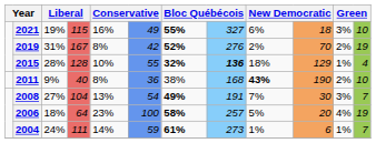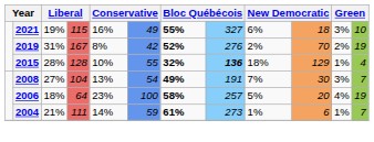 <table class="wikitable" style="width:400; font-size:90%; margin-left:1em;">
 <tr>
 <th colspan="2" scope="col">Year</th>
 <th colspan="2" scope="col"><a href='#'>Liberal</a></th>
 <th colspan="2" scope="col"><a href='#'>Conservative</a></th>
 <th colspan="2" scope="col"><a href='#'>Bloc Québécois</a></th>
 <th colspan="2" scope="col"><a href='#'>New Democratic</a></th>
 <th colspan="2" scope="col"><a href='#'>Green</a></th>
 </tr>
 <tr>
 <td rowspan="3" style="width: 0.25em; background-color: "></td>
 <th><a href='#'>2021</a></th>
 <td>19%</td>
 <td style="text-align:right; background:#EA6D6A;"><em>115</em></td>
 <td>16%</td>
 <td style="text-align:right; background:#6495ED;"><em>49</em></td>
 <td><strong>55%</strong></td>
 <td style="text-align:right; background:#87CEFA;"><em>327</em></td>
 <td>6%</td>
 <td style="text-align:right; background:#F4A460;"><em>18</em></td>
 <td>3%</td>
 <td style="text-align:right; background:#99C955;"><em>10</em></td>
 </tr>
 <tr>
 <th><a href='#'>2019</a></th>
 <td>31%</td>
 <td style="text-align:right; background:#EA6D6A;"><em>167</em></td>
 <td>8%</td>
 <td style="text-align:right; background:#6495ED;"><em>42</em></td>
 <td><strong>52%</strong></td>
 <td style="text-align:right; background:#87CEFA;"><em>276</em></td>
 <td>2%</td>
 <td style="text-align:right; background:#F4A460;"><em>70</em></td>
 <td>2%</td>
 <td style="text-align:right; background:#99C955;"><em>19</em></td>
 </tr>
 <tr>
 <th><a href='#'>2015</a></th>
 <td>28%</td>
 <td style="text-align:right; background:#EA6D6A;"><em>128</em></td>
 <td>10%</td>
 <td style="text-align:right; background:#6495ED;"><em>55</em></td>
 <td><strong>32%</strong></td>
 <td style="text-align:right; background:#87CEFA;"><strong><em>136</em></strong></td>
 <td>18%</td>
 <td style="text-align:right; background:#F4A460;"><em>129</em></td>
 <td>1%</td>
 <td style="text-align:right; background:#99C955;"><em>4</em></td>
 </tr>
 <tr>
-<td style="width: 0.25em; background-color: "></td>
-<th><a href='#'>2011</a></th>
-<td>9%</td>
-<td style="text-align:right; background:#EA6D6A;"><em>40</em></td>
-<td>8%</td>
-<td style="text-align:right; background:#6495ED;"><em>36</em></td>
-<td>38%</td>
-<td style="text-align:right; background:#87CEFA;"><em>168</em></td>
-<td><strong>43%</strong></td>
-<td style="text-align:right; background:#F4A460;"><em>190</em></td>
-<td>2%</td>
-<td style="text-align:right; background:#99C955;"><em>10</em></td>
-</tr>
-<tr>
 <td rowspan="3" style="width: 0.25em; background-color: "></td>
 <th><a href='#'>2008</a></th>
 <td>27%</td>
 <td style="text-align:right; background:#EA6D6A;"><em>104</em></td>
 <td>13%</td>
 <td style="text-align:right; background:#6495ED;"><em>54</em></td>
 <td><strong>49%</strong></td>
 <td style="text-align:right; background:#87CEFA;"><em>191</em></td>
 <td>7%</td>
 <td style="text-align:right; background:#F4A460;"><em>30</em></td>
 <td>3%</td>
 <td style="text-align:right; background:#99C955;"><em>7</em></td>
 </tr>
 <tr>
 <th><a href='#'>2006</a></th>
 <td>18%</td>
 <td style="text-align:right; background:#EA6D6A;"><em>64</em></td>
 <td>23%</td>
 <td style="text-align:right; background:#6495ED;"><em>100</em></td>
 <td><strong>58%</strong></td>
 <td style="text-align:right; background:#87CEFA;"><em>257</em></td>
 <td>5%</td>
 <td style="text-align:right; background:#F4A460;"><em>20</em></td>
 <td>4%</td>
 <td style="text-align:right; background:#99C955;"><em>19</em></td>
 </tr>
 <tr>
 <th><a href='#'>2004</a></th>
-<td>24%</td>
+<td>21%</td>
 <td style="text-align:right; background:#EA6D6A;"><em>111</em></td>
 <td>14%</td>
 <td style="text-align:right; background:#6495ED;"><em>59</em></td>
 <td><strong>61%</strong></td>
 <td style="text-align:right; background:#87CEFA;"><em>273</em></td>
 <td>1%</td>
 <td style="text-align:right; background:#F4A460;"><em>6</em></td>
 <td>1%</td>
 <td style="text-align:right; background:#99C955;"><em>7</em></td>
 </tr>
 <tr>
 </tr>
 </table>
